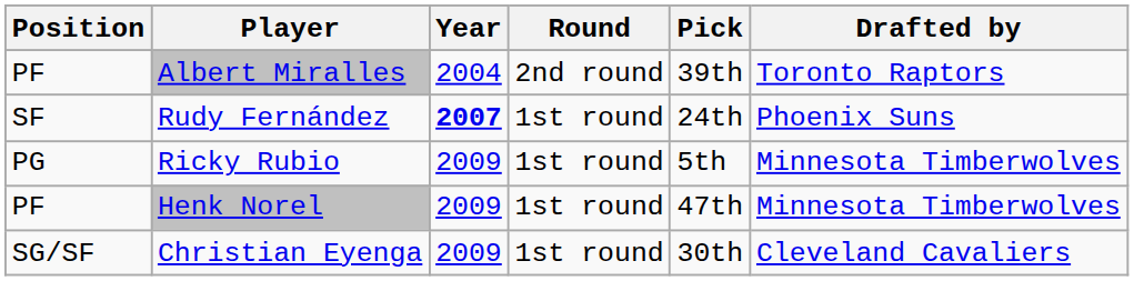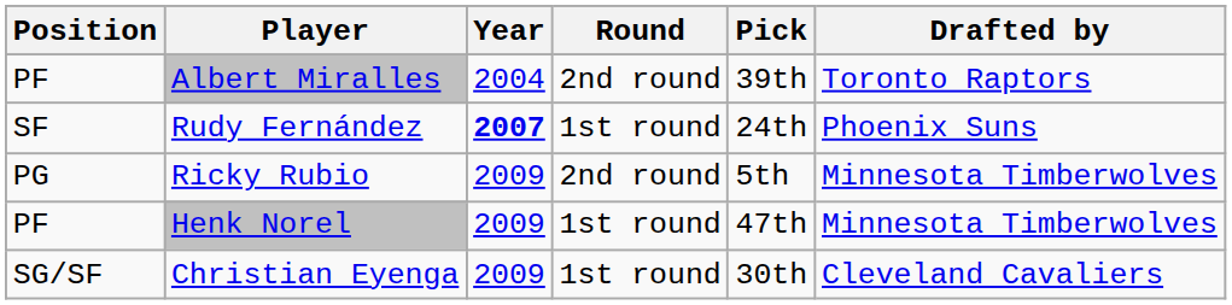 <table class="wikitable sortable" style="text-align: left;">
 <tr>
 <th>Position</th>
 <th>Player</th>
 <th>Year</th>
 <th>Round</th>
 <th>Pick</th>
 <th>Drafted by</th>
 </tr>
 <tr>
 <td>PF</td>
 <td style="background:silver;"> <a href='#'>Albert Miralles</a></td>
 <td><a href='#'>2004</a></td>
 <td>2nd round</td>
 <td>39th</td>
 <td><a href='#'>Toronto Raptors</a></td>
 </tr>
 <tr>
 <td>SF</td>
 <td> <a href='#'>Rudy Fernández</a></td>
 <td><strong><a href='#'>2007</a></strong></td>
 <td>1st round</td>
 <td>24th</td>
 <td><a href='#'>Phoenix Suns</a></td>
 </tr>
 <tr>
 <td>PG</td>
 <td> <a href='#'>Ricky Rubio</a></td>
 <td><a href='#'>2009</a></td>
-<td>1st round</td>
+<td>2nd round</td>
 <td>5th</td>
 <td><a href='#'>Minnesota Timberwolves</a></td>
 </tr>
 <tr>
 <td>PF</td>
 <td style="background:silver;"> <a href='#'>Henk Norel</a></td>
 <td><a href='#'>2009</a></td>
 <td>1st round</td>
 <td>47th</td>
 <td><a href='#'>Minnesota Timberwolves</a></td>
 </tr>
 <tr>
 <td>SG/SF</td>
 <td> <a href='#'>Christian Eyenga</a></td>
 <td><a href='#'>2009</a></td>
 <td>1st round</td>
 <td>30th</td>
 <td><a href='#'>Cleveland Cavaliers</a></td>
 </tr>
 </table>
